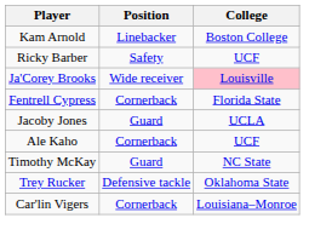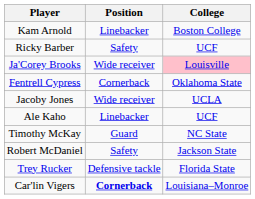 <table class="wikitable" style="text-align:center">
 <tr>
 <th>Player</th>
 <th>Position</th>
 <th>College</th>
 </tr>
 <tr>
 <td>Kam Arnold</td>
 <td><a href='#'>Linebacker</a></td>
 <td><a href='#'>Boston College</a></td>
 </tr>
 <tr>
 <td>Ricky Barber</td>
 <td><a href='#'>Safety</a></td>
 <td><a href='#'>UCF</a></td>
 </tr>
 <tr>
 <td><a href='#'>Ja'Corey Brooks</a></td>
 <td><a href='#'>Wide receiver</a></td>
 <td style="background: pink;"><a href='#'>Louisville</a></td>
 </tr>
 <tr>
 <td><a href='#'>Fentrell Cypress</a></td>
 <td><a href='#'>Cornerback</a></td>
-<td><a href='#'>Florida State</a></td>
+<td><a href='#'>Oklahoma State</a></td>
 </tr>
 <tr>
 <td>Jacoby Jones</td>
-<td><a href='#'>Guard</a></td>
+<td><a href='#'>Wide receiver</a></td>
 <td><a href='#'>UCLA</a></td>
 </tr>
 <tr>
 <td>Ale Kaho</td>
-<td><a href='#'>Cornerback</a></td>
+<td><a href='#'>Linebacker</a></td>
 <td><a href='#'>UCF</a></td>
 </tr>
 <tr>
 <td>Timothy McKay</td>
 <td><a href='#'>Guard</a></td>
 <td><a href='#'>NC State</a></td>
 </tr>
 <tr>
+<td>Robert McDaniel</td>
+<td><a href='#'>Safety</a></td>
+<td><a href='#'>Jackson State</a></td>
+</tr>
+<tr>
 <td><a href='#'>Trey Rucker</a></td>
 <td><a href='#'>Defensive tackle</a></td>
-<td><a href='#'>Oklahoma State</a></td>
+<td><a href='#'>Florida State</a></td>
 </tr>
 <tr>
 <td>Car'lin Vigers</td>
-<td><a href='#'>Cornerback</a></td>
+<td><strong><a href='#'>Cornerback</a></strong></td>
 <td><a href='#'>Louisiana–Monroe</a></td>
 </tr>
 </table>
